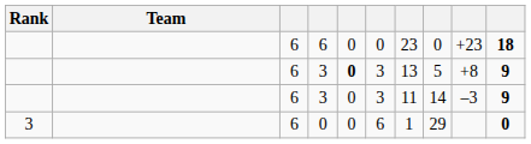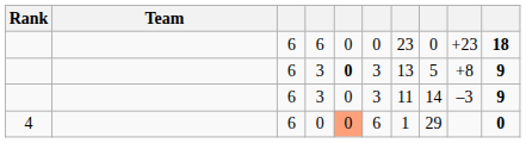 <table class="wikitable" style="text-align:center;">
 <tr>
 <th>Rank</th>
 <th width=210px>Team</th>
 <th width=20px></th>
 <th width=20px></th>
 <th width=20px></th>
 <th width=20px></th>
 <th width=20px></th>
 <th width=20px></th>
 <th width=20px></th>
 <th width=30px></th>
 </tr>
 <tr>
 <td></td>
 <td align="left"></td>
 <td>6</td>
 <td>6</td>
 <td>0</td>
 <td>0</td>
 <td>23</td>
 <td>0</td>
 <td>+23</td>
 <td><strong>18</strong></td>
 </tr>
 <tr>
 <td></td>
 <td align="left"><strong></strong></td>
 <td>6</td>
 <td>3</td>
 <td><strong>0</strong></td>
 <td>3</td>
 <td>13</td>
 <td>5</td>
 <td>+8</td>
 <td><strong>9</strong></td>
 </tr>
 <tr>
 <td></td>
 <td align="left"></td>
 <td>6</td>
 <td>3</td>
 <td>0</td>
 <td>3</td>
 <td>11</td>
 <td>14</td>
 <td>–3</td>
 <td><strong>9</strong></td>
 </tr>
 <tr>
-<td>3</td>
+<td>4</td>
 <td align="left"></td>
 <td>6</td>
 <td>0</td>
-<td>0</td>
+<td style="background: lightsalmon;">0</td>
 <td>6</td>
 <td>1</td>
 <td>29</td>
 <td></td>
 <td><strong>0</strong></td>
 </tr>
 </table>
